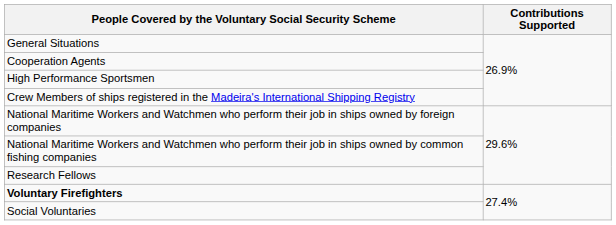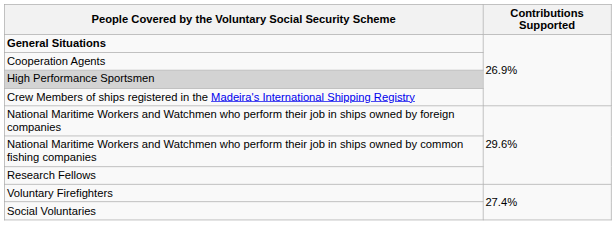 <table class="wikitable sortable">
 <tr>
 <th>People Covered by the Voluntary Social Security Scheme</th>
 <th>Contributions Supported</th>
 </tr>
 <tr>
-<td>General Situations</td>
+<td><strong>General Situations</strong></td>
 <td rowspan="4">26.9%</td>
 </tr>
 <tr>
 <td>Cooperation Agents</td>
 </tr>
 <tr>
-<td>High Performance Sportsmen</td>
+<td style="background: lightgrey;">High Performance Sportsmen</td>
 </tr>
 <tr>
 <td>Crew Members of ships registered in the <a href='#'>Madeira's International Shipping Registry</a></td>
 </tr>
 <tr>
 <td>National Maritime Workers and Watchmen who perform their job in ships owned by foreign companies</td>
 <td rowspan="3">29.6%</td>
 </tr>
 <tr>
 <td>National Maritime Workers and Watchmen who perform their job in ships owned by common fishing companies</td>
 </tr>
 <tr>
 <td>Research Fellows</td>
 </tr>
 <tr>
-<td><strong>Voluntary Firefighters</strong></td>
+<td>Voluntary Firefighters</td>
 <td rowspan="2">27.4%</td>
 </tr>
 <tr>
 <td>Social Voluntaries</td>
 </tr>
 </table>
